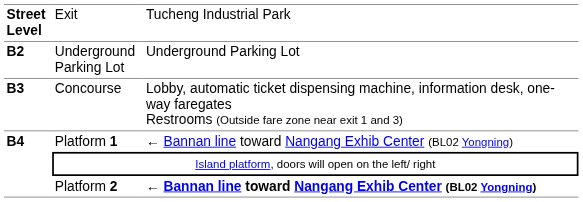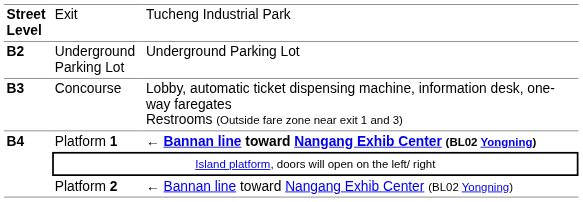 <table table border=0 cellspacing=0 cellpadding=3>
 <tr>
 <td style="border-top:solid 1px gray;border-bottom:solid 1px gray;" width=50 valign=top><strong>Street Level</strong></td>
 <td style="border-top:solid 1px gray;border-bottom:solid 1px gray;" width=100 valign=top>Exit</td>
 <td style="border-top:solid 1px gray;border-bottom:solid 1px gray;" width=500 valign=top>Tucheng Industrial Park</td>
 </tr>
 <tr>
 <td style="border-bottom:solid 1px gray;" width=50 valign=top><strong>B2</strong></td>
 <td style="border-bottom:solid 1px gray;" width=100 valign=top>Underground Parking Lot</td>
 <td style="border-bottom:solid 1px gray;" width=500 valign=top>Underground Parking Lot</td>
 </tr>
 <tr>
 <td style="border-bottom:solid 1px gray;" width=50 valign=top><strong>B3</strong></td>
 <td style="border-bottom:solid 1px gray;" width=100 valign=top>Concourse</td>
 <td style="border-bottom:solid 1px gray;" width=500 valign=top>Lobby, automatic ticket dispensing machine, information desk, one-way faregates<br>Restrooms <small>(Outside fare zone near exit 1 and 3)</small></td>
 </tr>
 <tr>
 <td style="border-bottom:solid 1px gray;" rowspan=3 valign=top><strong>B4</strong></td>
 <td>Platform <span><strong>1</strong></span></td>
-<td>←  <a href='#'>Bannan line</a> toward <a href='#'>Nangang Exhib Center</a> <small>(BL02 <a href='#'>Yongning</a>)</small></td>
+<td><strong>←  <a href='#'>Bannan line</a> toward <a href='#'>Nangang Exhib Center</a> <small>(BL02 <a href='#'>Yongning</a>)</small></strong></td>
 </tr>
 <tr>
 <td style="border-top:solid 2px black;border-right:solid 2px black;border-left:solid 2px black;border-bottom:solid 2px black;text-align:center;" colspan=2><small><a href='#'>Island platform</a>, doors will open on the left/ right</small></td>
 </tr>
 <tr>
 <td style="border-bottom:solid 1px gray;">Platform <span><strong>2</strong></span></td>
-<td style="border-bottom:solid 1px gray;"><strong>←  <a href='#'>Bannan line</a> toward <a href='#'>Nangang Exhib Center</a> <small>(BL02 <a href='#'>Yongning</a>)</small></strong></td>
+<td style="border-bottom:solid 1px gray;">←  <a href='#'>Bannan line</a> toward <a href='#'>Nangang Exhib Center</a> <small>(BL02 <a href='#'>Yongning</a>)</small></td>
 </tr>
 </table>
